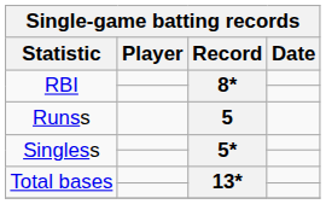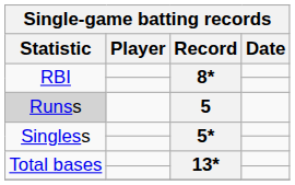 <table class="wikitable" style="text-align:center">
 <tr>
 <th colspan=4>Single-game batting records</th>
 </tr>
 <tr>
 <th scope="col">Statistic</th>
 <th scope="col">Player</th>
 <th scope="col" class="unsortable">Record</th>
 <th scope="col">Date</th>
 </tr>
 <tr>
 <td rowspan=2><a href='#'>RBI</a></td>
 <td></td>
 <th scope="row" rowspan=2>8*</th>
 <td></td>
 </tr>
 <tr>
 <td></td>
 <td></td>
 </tr>
 <tr>
-<td><a href='#'>Runs</a>s</td>
+<td style="background: lightgrey;"><a href='#'>Runs</a>s</td>
 <td></td>
 <th scope="row">5</th>
 <td></td>
 </tr>
 <tr>
 <td rowspan=2><a href='#'>Singles</a>s</td>
 <td></td>
 <th scope="row" rowspan=2>5*</th>
 <td></td>
 </tr>
 <tr>
 <td></td>
 <td></td>
 </tr>
 <tr>
 <td rowspan=2><a href='#'>Total bases</a></td>
 <td></td>
 <th scope="row" rowspan=2>13*</th>
 <td></td>
 </tr>
 <tr>
 <td></td>
 <td></td>
 </tr>
 <tr>
 </tr>
 </table>
